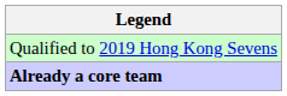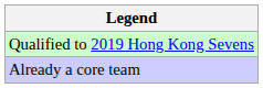 <table class="wikitable" style="font-size:92%;">
 <tr>
 <th colspan=2>Legend</th>
 </tr>
 <tr>
 </tr>
 <tr bgcolor=#cfc>
 <td>Qualified to <a href='#'>2019 Hong Kong Sevens</a></td>
 </tr>
 <tr>
 </tr>
 <tr bgcolor=#ccf>
-<td><strong>Already a core team</strong></td>
+<td>Already a core team</td>
 </tr>
 </table>
